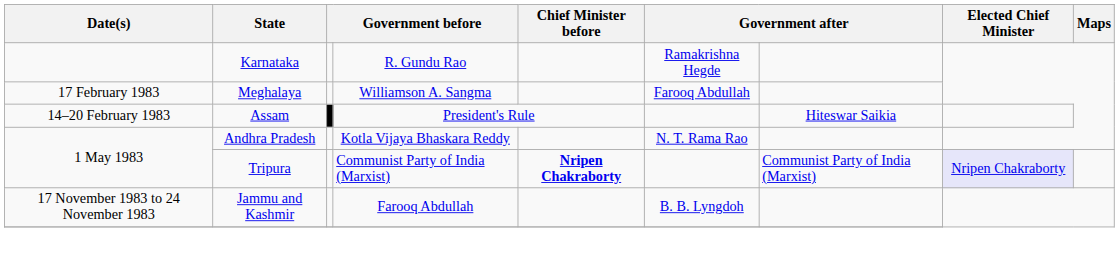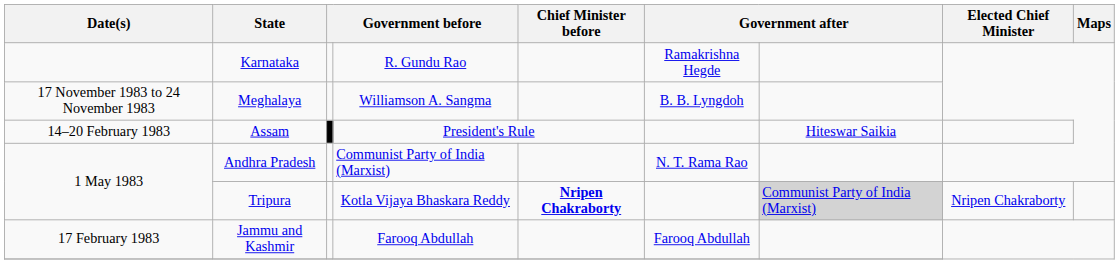 <table class="wikitable" style="text-align:center;">
 <tr>
 <th>Date(s)</th>
 <th>State</th>
 <th colspan="2">Government before</th>
 <th>Chief Minister before</th>
 <th colspan="2">Government after</th>
 <th>Elected Chief Minister</th>
 <th>Maps</th>
 </tr>
 <tr>
 <td></td>
 <td><a href='#'>Karnataka</a></td>
 <td></td>
 <td><a href='#'>R. Gundu Rao</a></td>
 <td></td>
 <td><a href='#'>Ramakrishna Hegde</a></td>
 <td></td>
 </tr>
 <tr>
-<td>17 February 1983</td>
+<td>17 November 1983 to 24 November 1983</td>
 <td><a href='#'>Meghalaya</a></td>
 <td></td>
 <td><a href='#'>Williamson A. Sangma</a></td>
 <td></td>
-<td><a href='#'>Farooq Abdullah</a></td>
+<td><a href='#'>B. B. Lyngdoh</a></td>
 <td></td>
 </tr>
 <tr>
 <td>14–20 February 1983</td>
 <td><a href='#'>Assam</a></td>
 <td bgcolor="#000000"></td>
 <td colspan="2" align="center"><a href='#'>President's Rule</a></td>
 <td></td>
 <td><a href='#'>Hiteswar Saikia</a></td>
 <td></td>
 </tr>
 <tr>
 <td rowspan="2">1 May 1983</td>
 <td><a href='#'>Andhra Pradesh</a></td>
 <td></td>
-<td><a href='#'>Kotla Vijaya Bhaskara Reddy</a></td>
+<td align="left"><a href='#'>Communist Party of India (Marxist)</a></td>
 <td></td>
 <td><a href='#'>N. T. Rama Rao</a></td>
 <td></td>
 </tr>
 <tr>
 <td><a href='#'>Tripura</a></td>
 <td></td>
-<td align="left"><a href='#'>Communist Party of India (Marxist)</a></td>
+<td><a href='#'>Kotla Vijaya Bhaskara Reddy</a></td>
 <td><strong><a href='#'>Nripen Chakraborty</a></strong></td>
 <td></td>
-<td align="left"><a href='#'>Communist Party of India (Marxist)</a></td>
-<td style="background: lavender;"><a href='#'>Nripen Chakraborty</a></td>
+<td align="left" style="background: lightgrey;"><a href='#'>Communist Party of India (Marxist)</a></td>
+<td><a href='#'>Nripen Chakraborty</a></td>
 <td></td>
 </tr>
 <tr>
-<td>17 November 1983 to 24 November 1983</td>
+<td>17 February 1983</td>
 <td><a href='#'>Jammu and Kashmir</a></td>
 <td></td>
 <td><a href='#'>Farooq Abdullah</a></td>
 <td></td>
-<td><a href='#'>B. B. Lyngdoh</a></td>
+<td><a href='#'>Farooq Abdullah</a></td>
 <td></td>
 </tr>
 <tr>
 </tr>
 </table>
